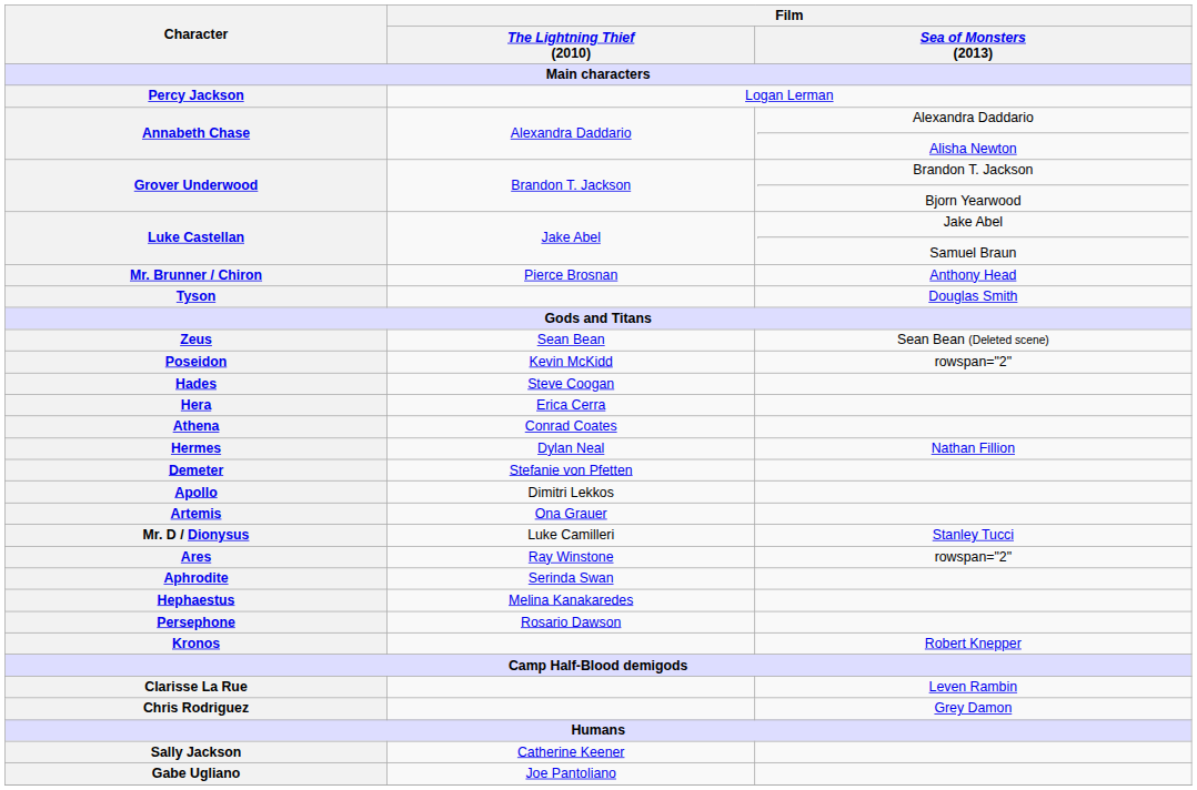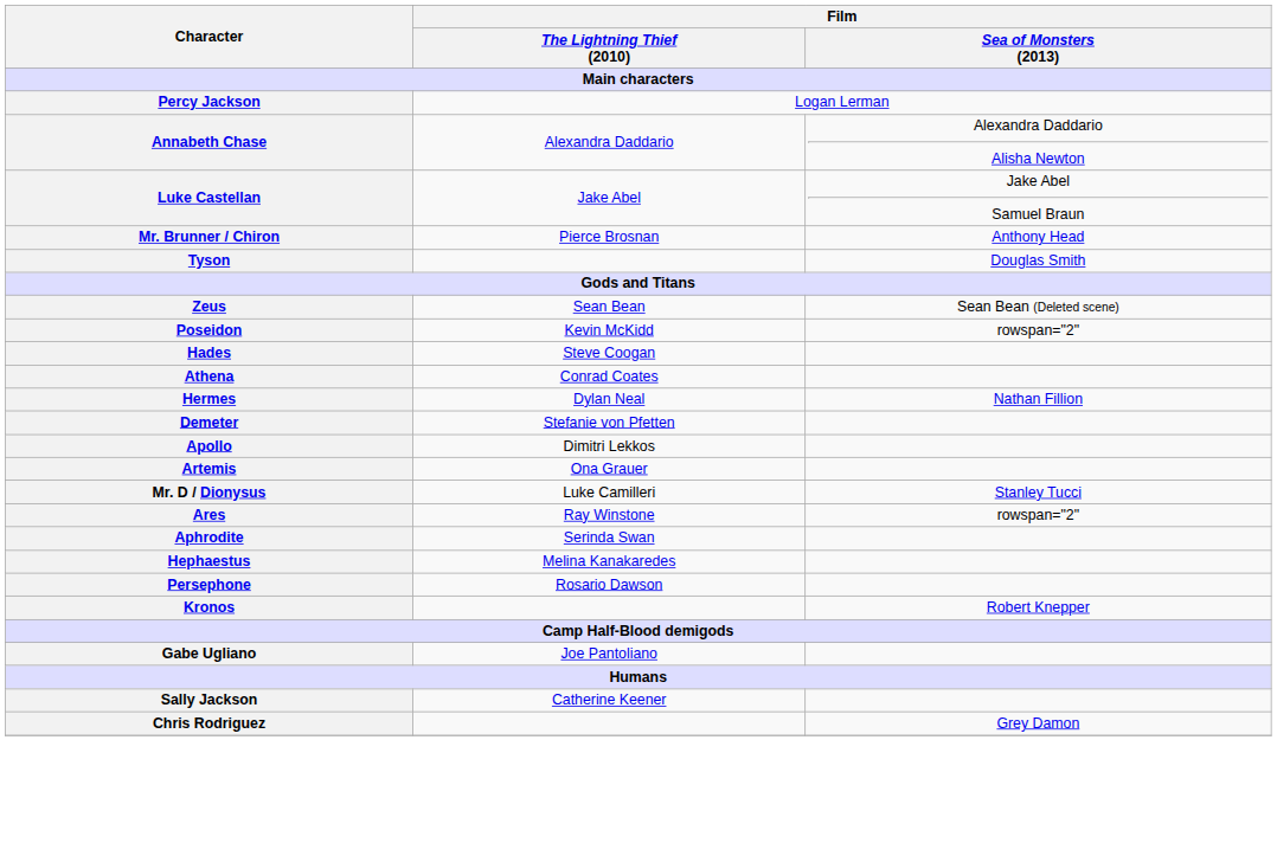 <table class="wikitable" style="text-align:center; width:70%;">
 <tr>
 <th rowspan="2">Character</th>
 <th colspan="2">Film</th>
 </tr>
 <tr>
 <th><em><a href='#'>The Lightning Thief</a></em><br>(2010)</th>
 <th><em><a href='#'>Sea of Monsters</a></em><br>(2013)</th>
 </tr>
 <tr>
 <th colspan="3" style="background-color:#ddf;">Main characters</th>
 </tr>
 <tr>
 <th><a href='#'>Percy Jackson</a></th>
 <td colspan="2"><a href='#'>Logan Lerman</a></td>
 </tr>
 <tr>
 <th><a href='#'>Annabeth Chase</a></th>
 <td><a href='#'>Alexandra Daddario</a></td>
 <td>Alexandra Daddario<hr><a href='#'>Alisha Newton</a></td>
-</tr>
-<tr>
-<th><a href='#'>Grover Underwood</a></th>
-<td><a href='#'>Brandon T. Jackson</a></td>
-<td>Brandon T. Jackson<hr>Bjorn Yearwood</td>
 </tr>
 <tr>
 <th><a href='#'>Luke Castellan</a></th>
 <td><a href='#'>Jake Abel</a></td>
 <td>Jake Abel<hr>Samuel Braun</td>
 </tr>
 <tr>
 <th><a href='#'>Mr. Brunner / Chiron</a></th>
 <td><a href='#'>Pierce Brosnan</a></td>
 <td><a href='#'>Anthony Head</a></td>
 </tr>
 <tr>
 <th><a href='#'>Tyson</a></th>
 <td></td>
 <td><a href='#'>Douglas Smith</a></td>
 </tr>
 <tr>
 <th colspan="3" style="background-color:#ddf;">Gods and Titans</th>
 </tr>
 <tr>
 <th><a href='#'>Zeus</a></th>
 <td><a href='#'>Sean Bean</a></td>
 <td>Sean Bean <small>(Deleted scene)</small></td>
 </tr>
 <tr>
 <th><a href='#'>Poseidon</a></th>
 <td><a href='#'>Kevin McKidd</a></td>
 <td>rowspan="2" </td>
 </tr>
 <tr>
 <th><a href='#'>Hades</a></th>
 <td><a href='#'>Steve Coogan</a></td>
-</tr>
-<tr>
-<th><a href='#'>Hera</a></th>
-<td><a href='#'>Erica Cerra</a></td>
-<td></td>
 </tr>
 <tr>
 <th><a href='#'>Athena</a></th>
 <td><a href='#'>Conrad Coates</a></td>
 <td></td>
 </tr>
 <tr>
 <th><a href='#'>Hermes</a></th>
 <td><a href='#'>Dylan Neal</a></td>
 <td><a href='#'>Nathan Fillion</a></td>
 </tr>
 <tr>
 <th><a href='#'>Demeter</a></th>
 <td><a href='#'>Stefanie von Pfetten</a></td>
 <td></td>
 </tr>
 <tr>
 <th><a href='#'>Apollo</a></th>
 <td>Dimitri Lekkos</td>
 <td></td>
 </tr>
 <tr>
 <th><a href='#'>Artemis</a></th>
 <td><a href='#'>Ona Grauer</a></td>
 <td></td>
 </tr>
 <tr>
 <th>Mr. D / <a href='#'>Dionysus</a></th>
 <td>Luke Camilleri</td>
 <td><a href='#'>Stanley Tucci</a></td>
 </tr>
 <tr>
 <th><a href='#'>Ares</a></th>
 <td><a href='#'>Ray Winstone</a></td>
 <td>rowspan="2" </td>
 </tr>
 <tr>
 <th><a href='#'>Aphrodite</a></th>
 <td><a href='#'>Serinda Swan</a></td>
 </tr>
 <tr>
 <th><a href='#'>Hephaestus</a></th>
 <td><a href='#'>Melina Kanakaredes</a></td>
 <td></td>
 </tr>
 <tr>
 <th><a href='#'>Persephone</a></th>
 <td><a href='#'>Rosario Dawson</a></td>
 <td></td>
 </tr>
 <tr>
 <th><a href='#'>Kronos</a></th>
 <td></td>
 <td><a href='#'>Robert Knepper</a></td>
 </tr>
 <tr>
 <th colspan="3" style="background-color:#ddf;">Camp Half-Blood demigods</th>
 </tr>
 <tr>
-<th>Clarisse La Rue</th>
+<th>Gabe Ugliano</th>
+<td><a href='#'>Joe Pantoliano</a></td>
 <td></td>
-<td><a href='#'>Leven Rambin</a></td>
-</tr>
-<tr>
-<th>Chris Rodriguez</th>
-<td></td>
-<td><a href='#'>Grey Damon</a></td>
 </tr>
 <tr>
 <th colspan="3" style="background-color:#ddf;">Humans</th>
 </tr>
 <tr>
 <th>Sally Jackson</th>
 <td><a href='#'>Catherine Keener</a></td>
 <td></td>
 </tr>
 <tr>
-<th>Gabe Ugliano</th>
-<td><a href='#'>Joe Pantoliano</a></td>
+<th>Chris Rodriguez</th>
 <td></td>
+<td><a href='#'>Grey Damon</a></td>
 </tr>
 <tr>
 </tr>
 </table>
